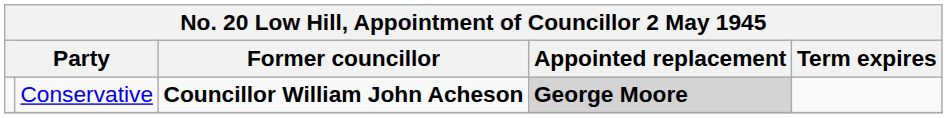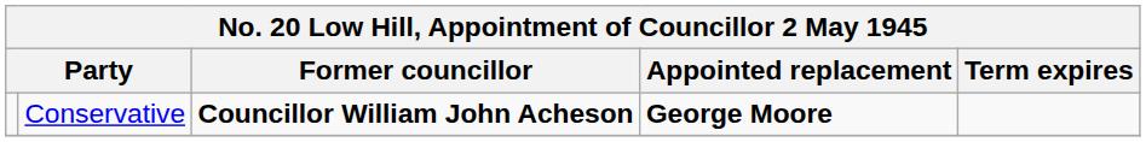 <table class="wikitable">
 <tr>
 <th colspan="5"><strong>No. 20 Low Hill, Appointment of Councillor 2 May 1945</strong></th>
 </tr>
 <tr>
 <th colspan="2">Party</th>
 <th>Former councillor</th>
 <th>Appointed replacement</th>
 <th>Term expires</th>
 </tr>
 <tr>
 <td style="background-color:"></td>
 <td><a href='#'>Conservative</a></td>
 <td><strong>Councillor William John Acheson</strong></td>
-<td style="background: lightgrey;"><strong>George Moore</strong></td>
+<td><strong>George Moore</strong></td>
 <td></td>
 </tr>
 <tr>
 </tr>
 </table>
